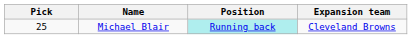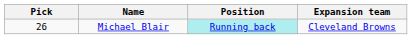 <table class="wikitable" style="text-align:center">
 <tr>
 <th width=100px>Pick</th>
 <th width=150px>Name</th>
 <th width=150px>Position</th>
 <th width=150px>Expansion team</th>
 </tr>
 <tr>
-<td>25</td>
+<td>26</td>
 <td><a href='#'>Michael Blair</a></td>
 <td style="background: paleturquoise;"><a href='#'>Running back</a></td>
 <td rowspan="2"><a href='#'>Cleveland Browns</a></td>
 </tr>
 </table>
